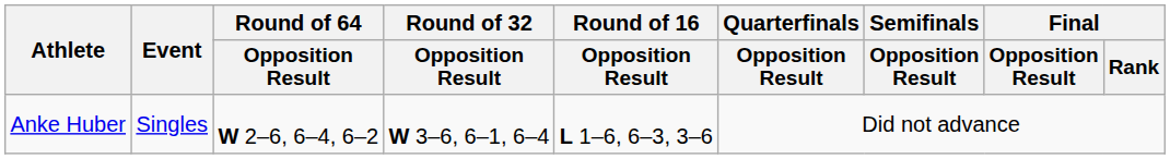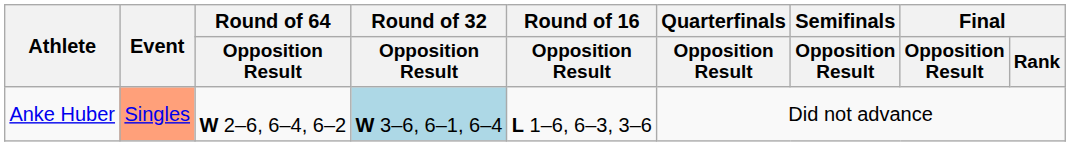 <table class="wikitable" style="font-size:90%">
 <tr>
 <th rowspan="2">Athlete</th>
 <th rowspan="2">Event</th>
 <th>Round of 64</th>
 <th>Round of 32</th>
 <th>Round of 16</th>
 <th>Quarterfinals</th>
 <th>Semifinals</th>
 <th colspan=2>Final</th>
 </tr>
 <tr style="font-size:95%">
 <th>Opposition<br>Result</th>
 <th>Opposition<br>Result</th>
 <th>Opposition<br>Result</th>
 <th>Opposition<br>Result</th>
 <th>Opposition<br>Result</th>
 <th>Opposition<br>Result</th>
 <th>Rank</th>
 </tr>
 <tr align=center>
 <td align=left><a href='#'>Anke Huber</a></td>
-<td align=left><a href='#'>Singles</a></td>
+<td align=left style="background: lightsalmon;"><a href='#'>Singles</a></td>
 <td><br><strong>W</strong> 2–6, 6–4, 6–2</td>
-<td><br><strong>W</strong> 3–6, 6–1, 6–4</td>
+<td style="background: lightblue;"><br><strong>W</strong> 3–6, 6–1, 6–4</td>
 <td><br><strong>L</strong> 1–6, 6–3, 3–6</td>
 <td colspan=4>Did not advance</td>
 </tr>
 </table>
